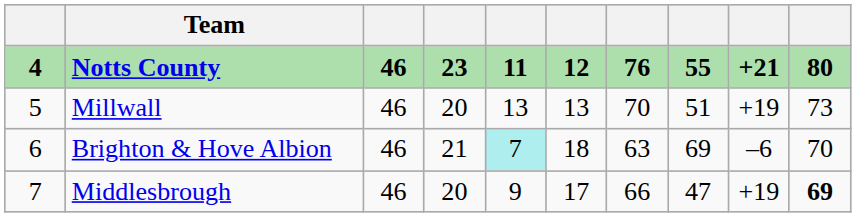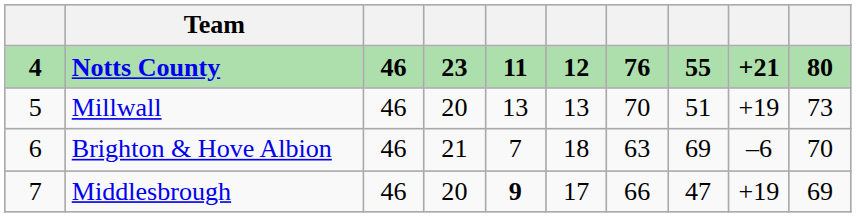 <table class="wikitable" style="text-align:center">
 <tr>
 <th width="30"></th>
 <th width="175">Team</th>
 <th width="30"></th>
 <th width="30"></th>
 <th width="30"></th>
 <th width="30"></th>
 <th width="30"></th>
 <th width="30"></th>
 <th width="30"></th>
 <th width="30"></th>
 </tr>
 <tr bgcolor=#ADDFAD>
 <td><strong>4</strong></td>
 <td align=left><strong><a href='#'>Notts County</a></strong></td>
 <td><strong>46</strong></td>
 <td><strong>23</strong></td>
 <td><strong>11</strong></td>
 <td><strong>12</strong></td>
 <td><strong>76</strong></td>
 <td><strong>55</strong></td>
 <td><strong>+21</strong></td>
 <td><strong>80</strong></td>
 </tr>
 <tr>
 <td>5</td>
 <td align=left><a href='#'>Millwall</a></td>
 <td>46</td>
 <td>20</td>
 <td>13</td>
 <td>13</td>
 <td>70</td>
 <td>51</td>
 <td>+19</td>
 <td>73</td>
 </tr>
 <tr>
 <td>6</td>
 <td align=left><a href='#'>Brighton & Hove Albion</a></td>
 <td>46</td>
 <td>21</td>
-<td style="background: paleturquoise;">7</td>
+<td>7</td>
 <td>18</td>
 <td>63</td>
 <td>69</td>
 <td>–6</td>
 <td>70</td>
 </tr>
 <tr>
 <td>7</td>
 <td align=left><a href='#'>Middlesbrough</a></td>
 <td>46</td>
 <td>20</td>
-<td>9</td>
+<td><strong>9</strong></td>
 <td>17</td>
 <td>66</td>
 <td>47</td>
 <td>+19</td>
-<td><strong>69</strong></td>
+<td>69</td>
 </tr>
 </table>
